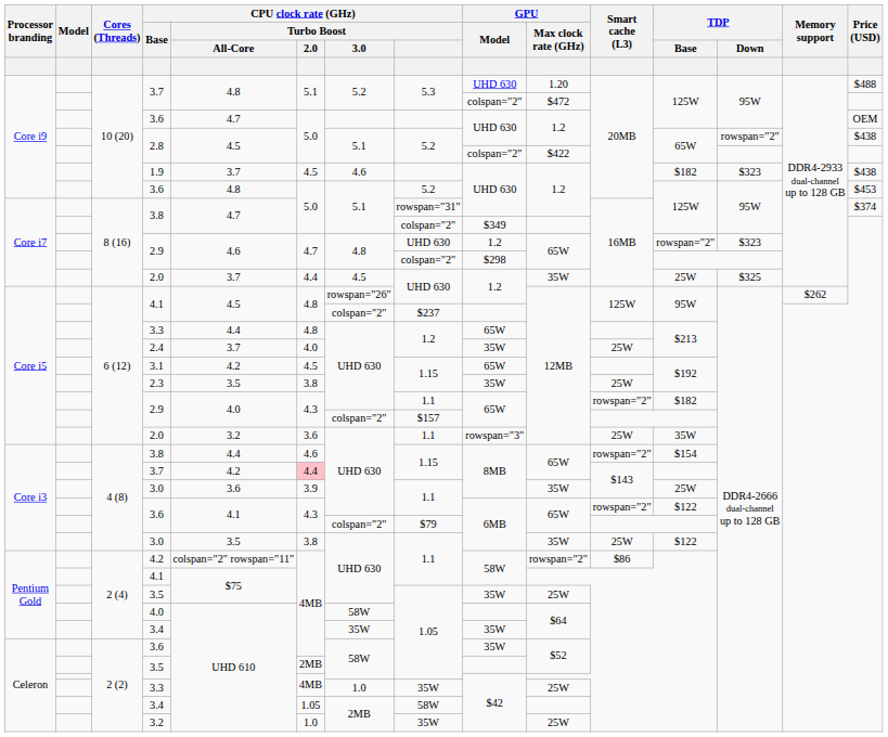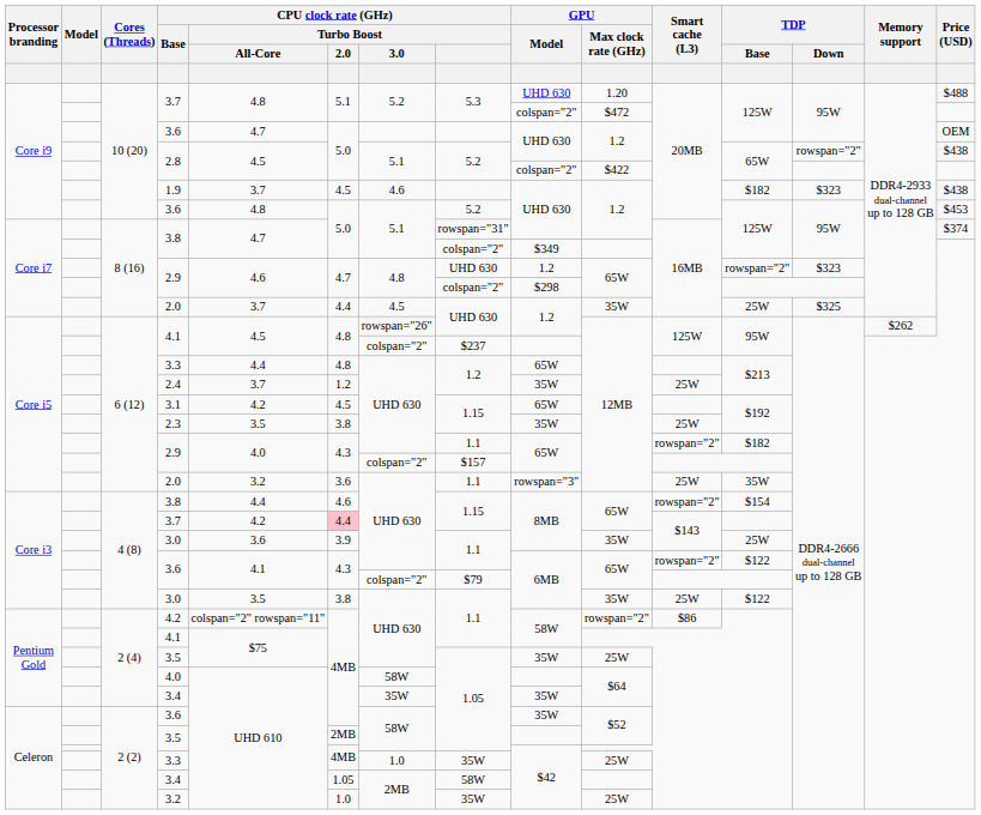 <table class="wikitable sortable hover-highlight" style="text-align: center;">
 <tr>
 <th rowspan="3">Processor<br>branding</th>
 <th rowspan="3">Model</th>
 <th rowspan="3"><a href='#'>Cores</a> <br> (<a href='#'>Threads</a>)</th>
 <th colspan="5">CPU <a href='#'>clock rate</a> (GHz)</th>
 <th colspan="2"><a href='#'>GPU</a></th>
 <th rowspan="3">Smart <br> cache <br> (L3)</th>
 <th colspan="2" rowspan="2"><a href='#'>TDP</a></th>
 <th rowspan="3">Memory<br>support</th>
 <th rowspan="3">Price<br>(USD)</th>
 </tr>
 <tr>
 <th rowspan="2">Base</th>
 <th colspan="4">Turbo Boost</th>
 <th rowspan="2">Model</th>
 <th rowspan="2">Max clock <br> rate (GHz)</th>
 </tr>
 <tr>
 <th>All-Core</th>
 <th>2.0</th>
 <th>3.0</th>
 <th></th>
 <th>Base</th>
 <th>Down</th>
 </tr>
 <tr>
 <th style="background-position:center"><br></th>
 <th style="background-position:center"></th>
 <th style="background-position:center"></th>
 <th style="background-position:center"></th>
 <th style="background-position:center"></th>
 <th style="background-position:center"></th>
 <th style="background-position:center"></th>
 <th style="background-position:center"></th>
 <th style="background-position:center"></th>
 <th style="background-position:center"></th>
 <th style="background-position:center"></th>
 <th style="background-position:center"></th>
 <th style="background-position:center"></th>
 <th style="background-position:center"></th>
 <th style="background-position:center"></th>
 </tr>
 <tr>
 <td rowspan="7"><a href='#'>Core i9</a></td>
 <td></td>
 <td rowspan="7">10 (20)</td>
 <td rowspan="2">3.7</td>
 <td rowspan="2">4.8</td>
 <td rowspan="2">5.1</td>
 <td rowspan="2">5.2</td>
 <td rowspan="2">5.3</td>
 <td><a href='#'>UHD 630</a></td>
 <td>1.20</td>
 <td rowspan="7">20MB</td>
 <td rowspan="3">125W</td>
 <td rowspan="3">95W</td>
 <td rowspan="12">DDR4-2933 <br><small>dual-channel</small> <br> up to 128 GB</td>
 <td>$488</td>
 </tr>
 <tr>
 <td></td>
 <td>colspan="2" </td>
 <td>$472</td>
 </tr>
 <tr>
 <td></td>
 <td>3.6</td>
 <td>4.7</td>
 <td rowspan="3">5.0</td>
 <td></td>
 <td></td>
 <td rowspan="2">UHD 630</td>
 <td rowspan="2">1.2</td>
 <td>OEM</td>
 </tr>
 <tr>
 <td></td>
 <td rowspan="2">2.8</td>
 <td rowspan="2">4.5</td>
 <td rowspan="2">5.1</td>
 <td rowspan="2">5.2</td>
 <td rowspan="2">65W</td>
 <td>rowspan="2" </td>
 <td>$438</td>
 </tr>
 <tr>
 <td></td>
 <td>colspan="2" </td>
 <td>$422</td>
 </tr>
 <tr>
 <td></td>
 <td>1.9</td>
 <td>3.7</td>
 <td>4.5</td>
 <td>4.6</td>
 <td></td>
 <td rowspan="3">UHD 630</td>
 <td rowspan="3">1.2</td>
 <td>$182</td>
 <td>$323</td>
 <td>$438</td>
 </tr>
 <tr>
 <td></td>
 <td>3.6</td>
 <td>4.8</td>
 <td rowspan="3">5.0</td>
 <td rowspan="3">5.1</td>
 <td>5.2</td>
 <td rowspan="3">125W</td>
 <td rowspan="3">95W</td>
 <td>$453</td>
 </tr>
 <tr>
 <td rowspan="5"><a href='#'>Core i7</a></td>
 <td></td>
 <td rowspan="5">8 (16)</td>
 <td rowspan="2">3.8</td>
 <td rowspan="2">4.7</td>
 <td>rowspan="31" </td>
 <td rowspan="5">16MB</td>
 <td>$374</td>
 </tr>
 <tr>
 <td></td>
 <td>colspan="2" </td>
 <td>$349</td>
 </tr>
 <tr>
 <td></td>
 <td rowspan="2">2.9</td>
 <td rowspan="2">4.6</td>
 <td rowspan="2">4.7</td>
 <td rowspan="2">4.8</td>
 <td>UHD 630</td>
 <td>1.2</td>
 <td rowspan="2">65W</td>
 <td>rowspan="2" </td>
 <td>$323</td>
 </tr>
 <tr>
 <td></td>
 <td>colspan="2" </td>
 <td>$298</td>
 </tr>
 <tr>
 <td></td>
 <td>2.0</td>
 <td>3.7</td>
 <td>4.4</td>
 <td>4.5</td>
 <td rowspan="2">UHD 630</td>
 <td rowspan="2">1.2</td>
 <td>35W</td>
 <td>25W</td>
 <td>$325</td>
 </tr>
 <tr>
 <td rowspan="9"><a href='#'>Core i5</a></td>
 <td></td>
 <td rowspan="9">6 (12)</td>
 <td rowspan="2">4.1</td>
 <td rowspan="2">4.5</td>
 <td rowspan="2">4.8</td>
 <td>rowspan="26" </td>
 <td rowspan="9">12MB</td>
 <td rowspan="2">125W</td>
 <td rowspan="2">95W</td>
 <td rowspan="26">DDR4-2666 <br> <small>dual-channel</small><br>up to 128 GB</td>
 <td>$262</td>
 </tr>
 <tr>
 <td></td>
 <td>colspan="2" </td>
 <td>$237</td>
 </tr>
 <tr>
 <td></td>
 <td>3.3</td>
 <td>4.4</td>
 <td>4.8</td>
 <td rowspan="5">UHD 630</td>
 <td rowspan="2">1.2</td>
 <td>65W</td>
 <td></td>
 <td rowspan="2">$213</td>
 </tr>
 <tr>
 <td></td>
 <td>2.4</td>
 <td>3.7</td>
-<td>4.0</td>
+<td>1.2</td>
 <td>35W</td>
 <td>25W</td>
 </tr>
 <tr>
 <td></td>
 <td>3.1</td>
 <td>4.2</td>
 <td>4.5</td>
 <td rowspan="2">1.15</td>
 <td>65W</td>
 <td></td>
 <td rowspan="2">$192</td>
 </tr>
 <tr>
 <td></td>
 <td>2.3</td>
 <td>3.5</td>
 <td>3.8</td>
 <td>35W</td>
 <td>25W</td>
 </tr>
 <tr>
 <td></td>
 <td rowspan="2">2.9</td>
 <td rowspan="2">4.0</td>
 <td rowspan="2">4.3</td>
 <td>1.1</td>
 <td rowspan="2">65W</td>
 <td>rowspan="2" </td>
 <td>$182</td>
 </tr>
 <tr>
 <td></td>
 <td>colspan="2" </td>
 <td>$157</td>
 </tr>
 <tr>
 <td></td>
 <td>2.0</td>
 <td>3.2</td>
 <td>3.6</td>
 <td rowspan="5">UHD 630</td>
 <td>1.1</td>
 <td>rowspan="3" </td>
 <td>25W</td>
 <td>35W</td>
 </tr>
 <tr>
 <td rowspan="6"><a href='#'>Core i3</a></td>
 <td></td>
 <td rowspan="6">4 (8)</td>
 <td>3.8</td>
 <td>4.4</td>
 <td>4.6</td>
 <td rowspan="2">1.15</td>
 <td rowspan="3">8MB</td>
 <td rowspan="2">65W</td>
 <td>rowspan="2" </td>
 <td>$154</td>
 </tr>
 <tr>
 <td></td>
 <td>3.7</td>
 <td>4.2</td>
 <td style="background: pink;">4.4</td>
 <td rowspan="2">$143</td>
 </tr>
 <tr>
 <td></td>
 <td>3.0</td>
 <td>3.6</td>
 <td>3.9</td>
 <td rowspan="2">1.1</td>
 <td>35W</td>
 <td>25W</td>
 </tr>
 <tr>
 <td></td>
 <td rowspan="2">3.6</td>
 <td rowspan="2">4.1</td>
 <td rowspan="2">4.3</td>
 <td rowspan="3">6MB</td>
 <td rowspan="2">65W</td>
 <td>rowspan="2" </td>
 <td>$122</td>
 </tr>
 <tr>
 <td></td>
 <td>colspan="2" </td>
 <td>$79</td>
 </tr>
 <tr>
 <td></td>
 <td>3.0</td>
 <td>3.5</td>
 <td>3.8</td>
 <td rowspan="4">UHD 630</td>
 <td rowspan="3">1.1</td>
 <td>35W</td>
 <td>25W</td>
 <td>$122</td>
 </tr>
 <tr>
 <td rowspan="5"><a href='#'>Pentium <br> Gold</a></td>
 <td></td>
 <td rowspan="5">2 (4)</td>
 <td>4.2</td>
 <td>colspan="2" rowspan="11" </td>
 <td rowspan="6">4MB</td>
 <td rowspan="2">58W</td>
 <td>rowspan="2" </td>
 <td>$86</td>
 </tr>
 <tr>
 <td></td>
 <td>4.1</td>
 <td rowspan="2">$75</td>
 </tr>
 <tr>
 <td></td>
 <td>3.5</td>
 <td rowspan="6">1.05</td>
 <td>35W</td>
 <td>25W</td>
 </tr>
 <tr>
 <td></td>
 <td>4.0</td>
 <td rowspan="8">UHD 610</td>
 <td>58W</td>
 <td></td>
 <td rowspan="2">$64</td>
 </tr>
 <tr>
 <td></td>
 <td>3.4</td>
 <td>35W</td>
 <td>35W</td>
 </tr>
 <tr>
 <td rowspan="6">Celeron</td>
 <td></td>
 <td rowspan="6">2 (2)</td>
 <td>3.6</td>
 <td rowspan="3">58W</td>
 <td>35W</td>
 <td rowspan="2">$52</td>
 </tr>
 <tr>
 <td></td>
 <td rowspan="2">3.5</td>
 <td>2MB</td>
 </tr>
 <tr>
 <td></td>
 <td rowspan="2">4MB</td>
 <td rowspan="4">$42</td>
 </tr>
 <tr>
 <td></td>
 <td>3.3</td>
 <td>1.0</td>
 <td>35W</td>
 <td>25W</td>
 </tr>
 <tr>
 <td></td>
 <td>3.4</td>
 <td>1.05</td>
 <td rowspan="2">2MB</td>
 <td>58W</td>
 <td></td>
 </tr>
 <tr>
 <td></td>
 <td>3.2</td>
 <td>1.0</td>
 <td>35W</td>
 <td>25W</td>
 </tr>
 </table>
